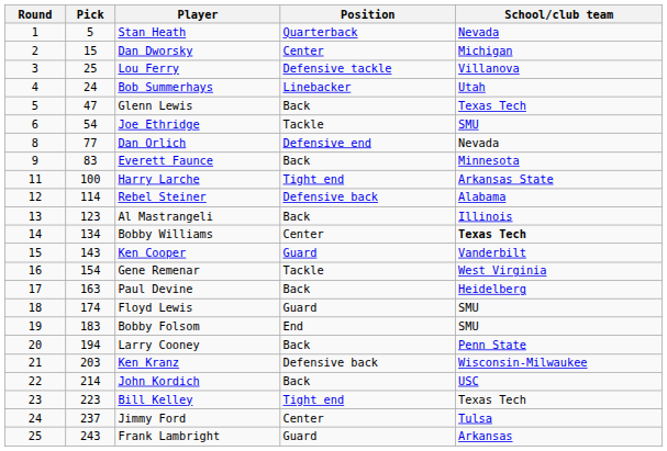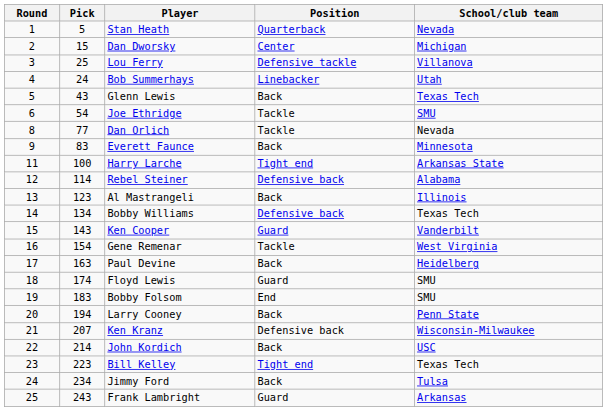 <table class="wikitable sortable sortable" width=60%; align=center>
 <tr>
 <th>Round</th>
 <th>Pick</th>
 <th>Player</th>
 <th>Position</th>
 <th>School/club team</th>
 </tr>
 <tr>
 <td style="text-align: center;">1</td>
 <td style="text-align: center;">5</td>
 <td><a href='#'>Stan Heath</a></td>
 <td><a href='#'>Quarterback</a></td>
 <td><a href='#'>Nevada</a></td>
 </tr>
 <tr>
 <td style="text-align: center;">2</td>
 <td style="text-align: center;">15</td>
 <td><a href='#'>Dan Dworsky</a></td>
 <td><a href='#'>Center</a></td>
 <td><a href='#'>Michigan</a></td>
 </tr>
 <tr>
 <td style="text-align: center;">3</td>
 <td style="text-align: center;">25</td>
 <td><a href='#'>Lou Ferry</a></td>
 <td><a href='#'>Defensive tackle</a></td>
 <td><a href='#'>Villanova</a></td>
 </tr>
 <tr>
 <td style="text-align: center;">4</td>
 <td style="text-align: center;">24</td>
 <td><a href='#'>Bob Summerhays</a></td>
 <td><a href='#'>Linebacker</a></td>
 <td><a href='#'>Utah</a></td>
 </tr>
 <tr>
 <td style="text-align: center;">5</td>
-<td style="text-align: center;">47</td>
+<td style="text-align: center;">43</td>
 <td>Glenn Lewis</td>
 <td>Back</td>
 <td><a href='#'>Texas Tech</a></td>
 </tr>
 <tr>
 <td style="text-align: center;">6</td>
 <td style="text-align: center;">54</td>
 <td><a href='#'>Joe Ethridge</a></td>
 <td>Tackle</td>
 <td><a href='#'>SMU</a></td>
 </tr>
 <tr>
 <td style="text-align: center;">8</td>
 <td style="text-align: center;">77</td>
 <td><a href='#'>Dan Orlich</a></td>
-<td><a href='#'>Defensive end</a></td>
+<td>Tackle</td>
 <td>Nevada</td>
 </tr>
 <tr>
 <td style="text-align: center;">9</td>
 <td style="text-align: center;">83</td>
 <td><a href='#'>Everett Faunce</a></td>
 <td>Back</td>
 <td><a href='#'>Minnesota</a></td>
 </tr>
 <tr>
 <td style="text-align: center;">11</td>
 <td style="text-align: center;">100</td>
 <td><a href='#'>Harry Larche</a></td>
 <td><a href='#'>Tight end</a></td>
 <td><a href='#'>Arkansas State</a></td>
 </tr>
 <tr>
 <td style="text-align: center;">12</td>
 <td style="text-align: center;">114</td>
 <td><a href='#'>Rebel Steiner</a></td>
 <td><a href='#'>Defensive back</a></td>
 <td><a href='#'>Alabama</a></td>
 </tr>
 <tr>
 <td style="text-align: center;">13</td>
 <td style="text-align: center;">123</td>
 <td>Al Mastrangeli</td>
 <td>Back</td>
 <td><a href='#'>Illinois</a></td>
 </tr>
 <tr>
 <td style="text-align: center;">14</td>
 <td style="text-align: center;">134</td>
 <td>Bobby Williams</td>
-<td>Center</td>
-<td><strong>Texas Tech</strong></td>
+<td><a href='#'>Defensive back</a></td>
+<td>Texas Tech</td>
 </tr>
 <tr>
 <td style="text-align: center;">15</td>
 <td style="text-align: center;">143</td>
 <td><a href='#'>Ken Cooper</a></td>
 <td><a href='#'>Guard</a></td>
 <td><a href='#'>Vanderbilt</a></td>
 </tr>
 <tr>
 <td style="text-align: center;">16</td>
 <td style="text-align: center;">154</td>
 <td>Gene Remenar</td>
 <td>Tackle</td>
 <td><a href='#'>West Virginia</a></td>
 </tr>
 <tr>
 <td style="text-align: center;">17</td>
 <td style="text-align: center;">163</td>
 <td>Paul Devine</td>
 <td>Back</td>
 <td><a href='#'>Heidelberg</a></td>
 </tr>
 <tr>
 <td style="text-align: center;">18</td>
 <td style="text-align: center;">174</td>
 <td>Floyd Lewis</td>
 <td>Guard</td>
 <td>SMU</td>
 </tr>
 <tr>
 <td style="text-align: center;">19</td>
 <td style="text-align: center;">183</td>
 <td>Bobby Folsom</td>
 <td>End</td>
 <td>SMU</td>
 </tr>
 <tr>
 <td style="text-align: center;">20</td>
 <td style="text-align: center;">194</td>
 <td>Larry Cooney</td>
 <td>Back</td>
 <td><a href='#'>Penn State</a></td>
 </tr>
 <tr>
 <td style="text-align: center;">21</td>
-<td style="text-align: center;">203</td>
+<td style="text-align: center;">207</td>
 <td><a href='#'>Ken Kranz</a></td>
 <td>Defensive back</td>
 <td><a href='#'>Wisconsin-Milwaukee</a></td>
 </tr>
 <tr>
 <td style="text-align: center;">22</td>
 <td style="text-align: center;">214</td>
 <td><a href='#'>John Kordich</a></td>
 <td>Back</td>
 <td><a href='#'>USC</a></td>
 </tr>
 <tr>
 <td style="text-align: center;">23</td>
 <td style="text-align: center;">223</td>
 <td><a href='#'>Bill Kelley</a></td>
 <td><a href='#'>Tight end</a></td>
 <td>Texas Tech</td>
 </tr>
 <tr>
 <td style="text-align: center;">24</td>
-<td style="text-align: center;">237</td>
+<td style="text-align: center;">234</td>
 <td>Jimmy Ford</td>
-<td>Center</td>
+<td>Back</td>
 <td><a href='#'>Tulsa</a></td>
 </tr>
 <tr>
 <td style="text-align: center;">25</td>
 <td style="text-align: center;">243</td>
 <td>Frank Lambright</td>
 <td>Guard</td>
 <td><a href='#'>Arkansas</a></td>
 </tr>
 </table>
